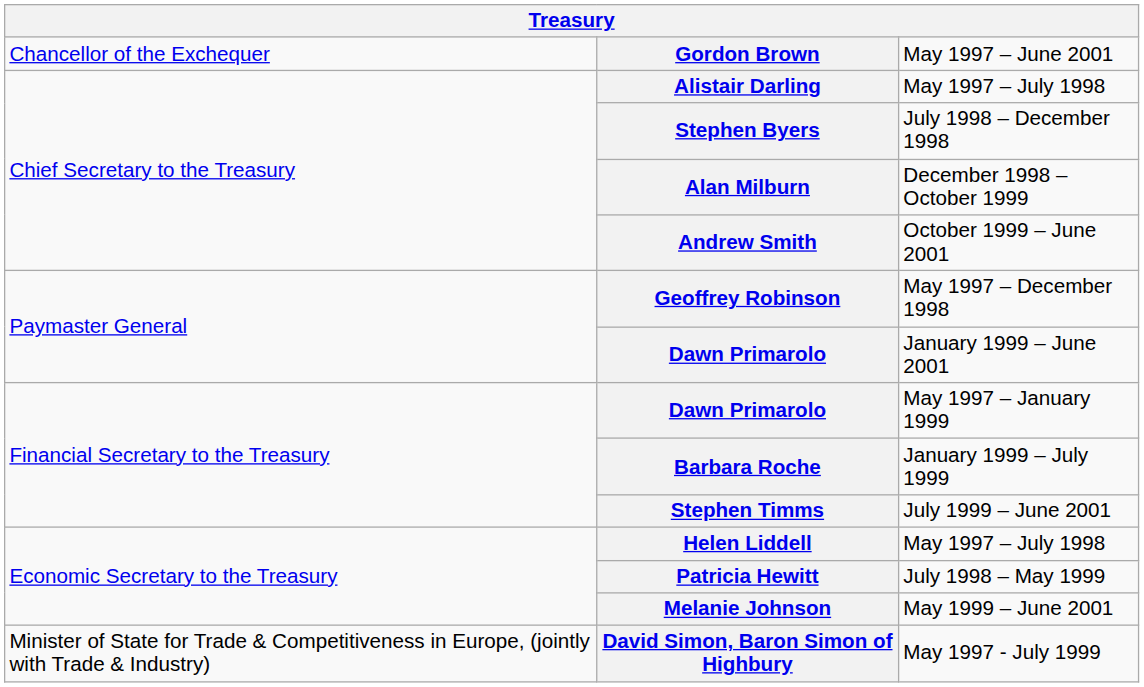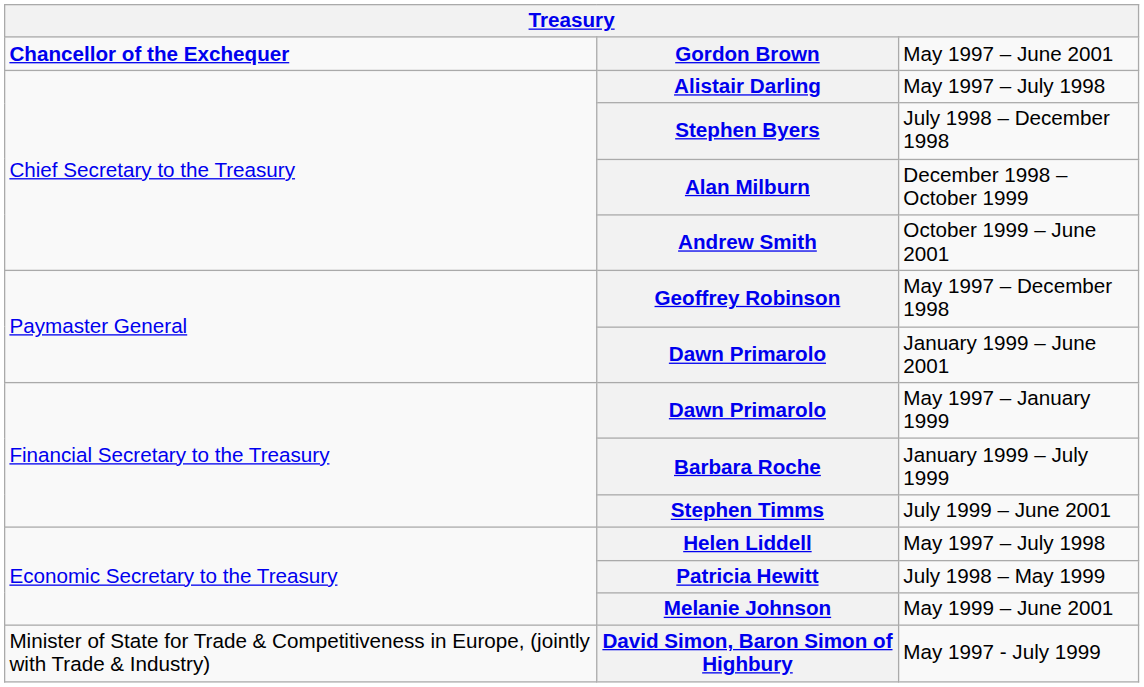 <table class="wikitable plainrowheaders" width=100% style="max-width:55em;">
 <tr>
 <th colspan=4><a href='#'>Treasury</a></th>
 </tr>
 <tr>
-<td><a href='#'>Chancellor of the Exchequer</a></td>
+<td><strong><a href='#'>Chancellor of the Exchequer</a></strong></td>
 <th scope="row" style="font-weight:bold;"><a href='#'>Gordon Brown</a></th>
 <td>May 1997 – June 2001</td>
 </tr>
 <tr>
 <td rowspan="4"><a href='#'>Chief Secretary to the Treasury</a></td>
 <th scope="row" style="font-weight:bold;"><a href='#'>Alistair Darling</a></th>
 <td>May 1997 – July 1998</td>
 </tr>
 <tr>
 <th scope="row" style="font-weight:bold;"><a href='#'>Stephen Byers</a></th>
 <td>July 1998 – December 1998</td>
 </tr>
 <tr>
 <th scope="row" style="font-weight:bold;"><a href='#'>Alan Milburn</a></th>
 <td>December 1998 – October 1999</td>
 </tr>
 <tr>
 <th scope="row" style="font-weight:bold;"><a href='#'>Andrew Smith</a></th>
 <td>October 1999 – June 2001</td>
 </tr>
 <tr>
 <td rowspan="2"><a href='#'>Paymaster General</a></td>
 <th scope="row"><a href='#'>Geoffrey Robinson</a></th>
 <td>May 1997 – December 1998</td>
 </tr>
 <tr>
 <th scope="row"><a href='#'>Dawn Primarolo</a></th>
 <td>January 1999 – June 2001</td>
 </tr>
 <tr>
 <td rowspan="3"><a href='#'>Financial Secretary to the Treasury</a></td>
 <th scope="row"><a href='#'>Dawn Primarolo</a></th>
 <td>May 1997 – January 1999</td>
 </tr>
 <tr>
 <th scope="row"><a href='#'>Barbara Roche</a></th>
 <td>January 1999 – July 1999</td>
 </tr>
 <tr>
 <th scope="row"><a href='#'>Stephen Timms</a></th>
 <td>July 1999 – June 2001</td>
 </tr>
 <tr>
 <td rowspan="3"><a href='#'>Economic Secretary to the Treasury</a></td>
 <th scope="row"><a href='#'>Helen Liddell</a></th>
 <td>May 1997 – July 1998</td>
 </tr>
 <tr>
 <th scope="row"><a href='#'>Patricia Hewitt</a></th>
 <td>July 1998 – May 1999</td>
 </tr>
 <tr>
 <th scope="row"><a href='#'>Melanie Johnson</a></th>
 <td>May 1999 – June 2001</td>
 </tr>
 <tr>
 <td>Minister of State for Trade & Competitiveness in Europe, (jointly with Trade & Industry)</td>
 <th scope="row"><a href='#'>David Simon, Baron Simon of Highbury</a></th>
 <td>May 1997 - July 1999</td>
 </tr>
 </table>
